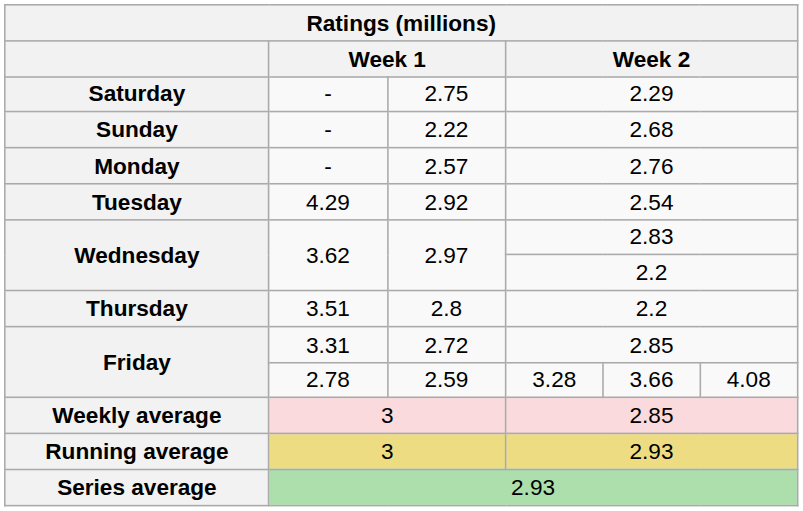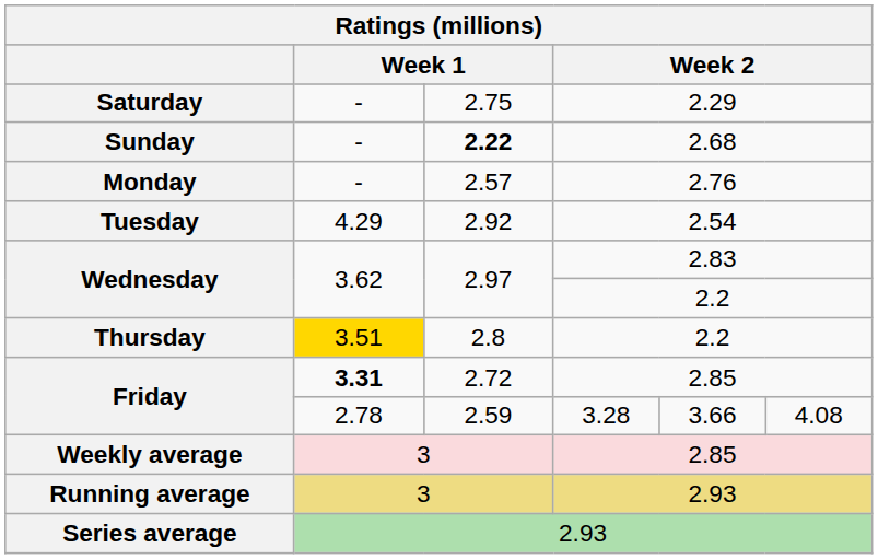 <table class="wikitable" style="font-size:90%; text-align:center; width: 40%; margin-left: auto; margin-right: auto;">
 <tr>
 <th colspan=6>Ratings (millions)</th>
 </tr>
 <tr>
 <th style="width:8%"></th>
 <th style="width:8%" colspan=2>Week 1</th>
 <th style="width:8%" colspan=3>Week 2</th>
 </tr>
 <tr>
 <th>Saturday</th>
 <td>-</td>
 <td>2.75</td>
 <td colspan=3>2.29</td>
 </tr>
 <tr>
 <th>Sunday</th>
 <td>-</td>
-<td>2.22</td>
+<td><strong>2.22</strong></td>
 <td colspan=3>2.68</td>
 </tr>
 <tr>
 <th>Monday</th>
 <td>-</td>
 <td>2.57</td>
 <td colspan=3>2.76</td>
 </tr>
 <tr>
 <th>Tuesday</th>
 <td>4.29</td>
 <td>2.92</td>
 <td colspan=3>2.54</td>
 </tr>
 <tr>
 <th rowspan=2>Wednesday</th>
 <td rowspan=2>3.62</td>
 <td rowspan=2>2.97</td>
 <td colspan=3>2.83</td>
 </tr>
 <tr>
 <td colspan=3>2.2</td>
 </tr>
 <tr>
 <th>Thursday</th>
-<td>3.51</td>
+<td style="background: gold;">3.51</td>
 <td>2.8</td>
 <td colspan=3>2.2</td>
 </tr>
 <tr>
 <th rowspan=2>Friday</th>
-<td>3.31</td>
+<td><strong>3.31</strong></td>
 <td>2.72</td>
 <td colspan=3>2.85</td>
 </tr>
 <tr>
 <td>2.78</td>
 <td>2.59</td>
 <td>3.28</td>
 <td>3.66</td>
 <td>4.08</td>
 </tr>
 <tr>
 <th>Weekly average</th>
 <td colspan="2" style="background:#FADADD;">3</td>
 <td style="background:#FADADD;" colspan=3>2.85</td>
 </tr>
 <tr>
 <th>Running average</th>
 <td colspan="2" style="background:#EEDC82;">3</td>
 <td style="background:#EEDC82;" colspan=3>2.93</td>
 </tr>
 <tr>
 <th>Series average</th>
 <td colspan="5" style="background:#ADDFAD;">2.93</td>
 </tr>
 </table>
